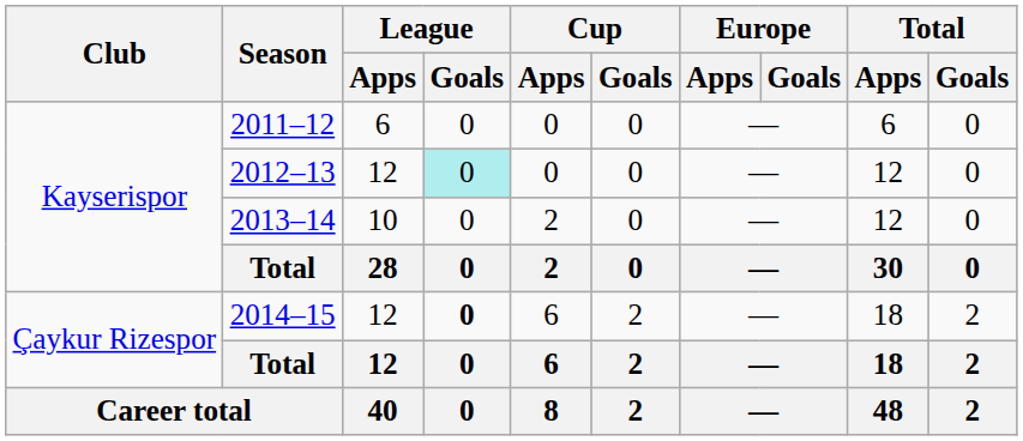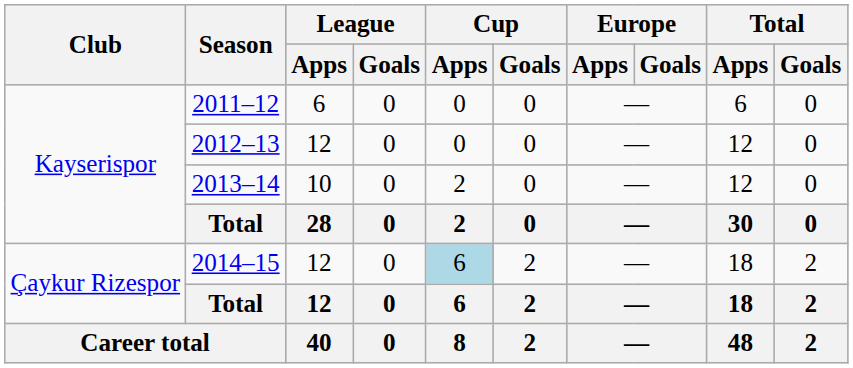 <table class="wikitable" style="text-align: center;">
 <tr>
 <th rowspan="2">Club</th>
 <th rowspan="2">Season</th>
 <th colspan="2">League</th>
 <th colspan="2">Cup</th>
 <th colspan="2">Europe</th>
 <th colspan="2">Total</th>
 </tr>
 <tr>
 <th>Apps</th>
 <th>Goals</th>
 <th>Apps</th>
 <th>Goals</th>
 <th>Apps</th>
 <th>Goals</th>
 <th>Apps</th>
 <th>Goals</th>
 </tr>
 <tr>
 <td rowspan="4" valign="center"><a href='#'>Kayserispor</a></td>
 <td><a href='#'>2011–12</a></td>
 <td>6</td>
 <td>0</td>
 <td>0</td>
 <td>0</td>
 <td colspan="2">—</td>
 <td>6</td>
 <td>0</td>
 </tr>
 <tr>
 <td><a href='#'>2012–13</a></td>
 <td>12</td>
-<td style="background: paleturquoise;">0</td>
+<td>0</td>
 <td>0</td>
 <td>0</td>
 <td colspan="2">—</td>
 <td>12</td>
 <td>0</td>
 </tr>
 <tr>
 <td><a href='#'>2013–14</a></td>
 <td>10</td>
 <td>0</td>
 <td>2</td>
 <td>0</td>
 <td colspan="2">—</td>
 <td>12</td>
 <td>0</td>
 </tr>
 <tr>
 <th>Total</th>
 <th>28</th>
 <th>0</th>
 <th>2</th>
 <th>0</th>
 <th colspan="2">—</th>
 <th>30</th>
 <th>0</th>
 </tr>
 <tr>
 <td rowspan="2" valign="center"><a href='#'>Çaykur Rizespor</a></td>
 <td><a href='#'>2014–15</a></td>
 <td>12</td>
-<td><strong>0</strong></td>
-<td>6</td>
+<td>0</td>
+<td style="background: lightblue;">6</td>
 <td>2</td>
 <td colspan="2">—</td>
 <td>18</td>
 <td>2</td>
 </tr>
 <tr>
 <th>Total</th>
 <th>12</th>
 <th>0</th>
 <th>6</th>
 <th>2</th>
 <th colspan="2">—</th>
 <th>18</th>
 <th>2</th>
 </tr>
 <tr>
 <th colspan="2">Career total</th>
 <th>40</th>
 <th>0</th>
 <th>8</th>
 <th>2</th>
 <th colspan="2">—</th>
 <th>48</th>
 <th>2</th>
 </tr>
 </table>
